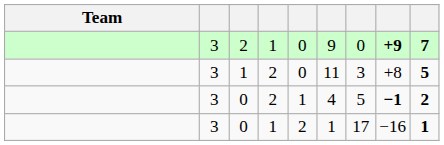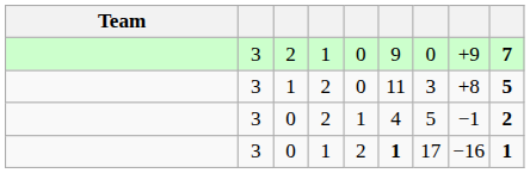 <table class="wikitable" style="text-align: center;">
 <tr>
 <th width="175">Team</th>
 <th width="20"></th>
 <th width="20"></th>
 <th width="20"></th>
 <th width="20"></th>
 <th width="20"></th>
 <th width="20"></th>
 <th width="20"></th>
 <th width="20"></th>
 </tr>
 <tr bgcolor=ccffcc>
 <td align=left><em></em></td>
 <td>3</td>
 <td>2</td>
 <td>1</td>
 <td>0</td>
 <td>9</td>
 <td>0</td>
-<td><strong>+9</strong></td>
+<td>+9</td>
 <td><strong>7</strong></td>
 </tr>
 <tr bgcolor=>
 <td align=left></td>
 <td>3</td>
 <td>1</td>
 <td>2</td>
 <td>0</td>
 <td>11</td>
 <td>3</td>
 <td>+8</td>
 <td><strong>5</strong></td>
 </tr>
 <tr bgcolor=>
 <td align=left></td>
 <td>3</td>
 <td>0</td>
 <td>2</td>
 <td>1</td>
 <td>4</td>
 <td>5</td>
-<td><strong>−1</strong></td>
+<td>−1</td>
 <td><strong>2</strong></td>
 </tr>
 <tr bgcolor=>
 <td align=left></td>
 <td>3</td>
 <td>0</td>
 <td>1</td>
 <td>2</td>
-<td>1</td>
+<td><strong>1</strong></td>
 <td>17</td>
 <td>−16</td>
 <td><strong>1</strong></td>
 </tr>
 </table>
